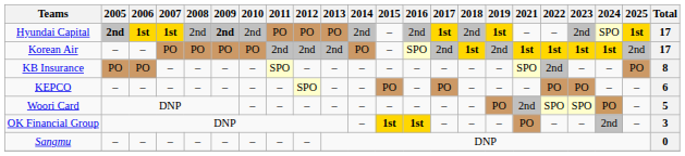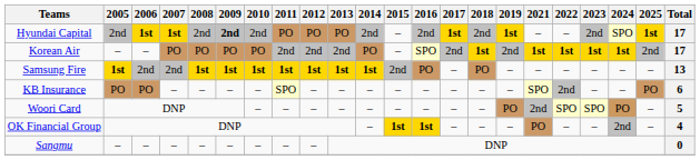 <table class="wikitable" style="text-align:center; font-size:90%">
 <tr>
 <th>Teams</th>
 <th>2005</th>
 <th>2006</th>
 <th>2007</th>
 <th>2008</th>
 <th>2009</th>
 <th>2010</th>
 <th>2011</th>
 <th>2012</th>
 <th>2013</th>
 <th>2014</th>
 <th>2015</th>
 <th>2016</th>
 <th>2017</th>
 <th>2018</th>
 <th>2019</th>
 <th>2021</th>
 <th>2022</th>
 <th>2023</th>
 <th>2024</th>
 <th>2025</th>
 <th>Total</th>
 </tr>
 <tr>
 <td><a href='#'>Hyundai Capital</a></td>
-<td bgcolor="silver"><strong>2nd</strong></td>
+<td bgcolor="silver">2nd</td>
 <td bgcolor="gold"><strong>1st</strong></td>
 <td bgcolor="gold"><strong>1st</strong></td>
 <td bgcolor="silver">2nd</td>
 <td bgcolor="silver"><strong>2nd</strong></td>
 <td bgcolor="silver">2nd</td>
 <td bgcolor="#cc9966">PO</td>
 <td bgcolor="#cc9966">PO</td>
 <td bgcolor="#cc9966">PO</td>
 <td bgcolor="silver">2nd</td>
 <td>–</td>
 <td bgcolor="silver">2nd</td>
 <td bgcolor="gold"><strong>1st</strong></td>
 <td bgcolor="silver">2nd</td>
 <td bgcolor="gold"><strong>1st</strong></td>
 <td>–</td>
 <td –>–</td>
 <td bgcolor="silver">2nd</td>
 <td bgcolor="#ffffcc">SPO</td>
 <td bgcolor="gold"><strong>1st</strong></td>
 <th>17</th>
 </tr>
 <tr>
 <td><a href='#'>Korean Air</a></td>
 <td>–</td>
 <td>–</td>
 <td bgcolor="#cc9966">PO</td>
 <td bgcolor="#cc9966">PO</td>
 <td bgcolor="#cc9966">PO</td>
 <td bgcolor="#cc9966">PO</td>
 <td bgcolor="silver">2nd</td>
 <td bgcolor="silver">2nd</td>
 <td bgcolor="silver">2nd</td>
 <td bgcolor="#cc9966">PO</td>
 <td>–</td>
 <td bgcolor="#ffffcc">SPO</td>
 <td bgcolor="silver">2nd</td>
 <td bgcolor="gold"><strong>1st</strong></td>
 <td bgcolor="silver">2nd</td>
 <td bgcolor="gold"><strong>1st</strong></td>
 <td bgcolor="gold"><strong>1st</strong></td>
 <td bgcolor="gold"><strong>1st</strong></td>
 <td bgcolor="gold"><strong>1st</strong></td>
 <td bgcolor="silver">2nd</td>
 <th>17</th>
 </tr>
 <tr>
+<td><a href='#'>Samsung Fire</a></td>
+<td bgcolor="gold"><strong>1st</strong></td>
+<td bgcolor="silver">2nd</td>
+<td bgcolor="silver">2nd</td>
+<td bgcolor="gold"><strong>1st</strong></td>
+<td bgcolor="gold"><strong>1st</strong></td>
+<td bgcolor="gold"><strong>1st</strong></td>
+<td bgcolor="gold"><strong>1st</strong></td>
+<td bgcolor="gold"><strong>1st</strong></td>
+<td bgcolor="gold"><strong>1st</strong></td>
+<td bgcolor="gold"><strong>1st</strong></td>
+<td bgcolor="silver">2nd</td>
+<td bgcolor="#cc9966">PO</td>
+<td>–</td>
+<td bgcolor="#cc9966">PO</td>
+<td>–</td>
+<td>–</td>
+<td>–</td>
+<td>–</td>
+<td>–</td>
+<td>–</td>
+<th>13</th>
+</tr>
+<tr>
 <td><a href='#'>KB Insurance</a></td>
 <td bgcolor="#cc9966">PO</td>
 <td bgcolor="#cc9966">PO</td>
 <td>–</td>
 <td>–</td>
 <td>–</td>
 <td>–</td>
 <td bgcolor="#ffffcc">SPO</td>
 <td>–</td>
 <td>–</td>
 <td>–</td>
 <td>–</td>
 <td>–</td>
 <td>–</td>
 <td>–</td>
 <td>–</td>
 <td bgcolor="#ffffcc">SPO</td>
 <td bgcolor="silver">2nd</td>
 <td>–</td>
 <td>–</td>
 <td bgcolor="#cc9966">PO</td>
-<th>8</th>
-</tr>
-<tr>
-<td><a href='#'>KEPCO</a></td>
-<td>–</td>
-<td>–</td>
-<td>–</td>
-<td>–</td>
-<td>–</td>
-<td>–</td>
-<td>–</td>
-<td bgcolor="#ffffcc">SPO</td>
-<td>–</td>
-<td>–</td>
-<td bgcolor="#cc9966">PO</td>
-<td>–</td>
-<td bgcolor="#cc9966">PO</td>
-<td>–</td>
-<td>–</td>
-<td>–</td>
-<td bgcolor="#cc9966">PO</td>
-<td bgcolor="#cc9966">PO</td>
-<td>–</td>
-<td>–</td>
 <th>6</th>
 </tr>
 <tr>
 <td><a href='#'>Woori Card</a></td>
 <td colspan=5>DNP</td>
 <td>–</td>
 <td>–</td>
 <td>–</td>
 <td>–</td>
 <td>–</td>
 <td>–</td>
 <td>–</td>
 <td>–</td>
 <td>–</td>
 <td bgcolor="#cc9966">PO</td>
 <td bgcolor="silver">2nd</td>
 <td bgcolor="#ffffcc">SPO</td>
 <td bgcolor="#ffffcc">SPO</td>
 <td bgcolor="#cc996#">PO</td>
 <td>–</td>
 <th>5</th>
 </tr>
 <tr>
 <td><a href='#'>OK Financial Group</a></td>
 <td colspan=9>DNP</td>
 <td>–</td>
 <td bgcolor="gold"><strong>1st</strong></td>
 <td bgcolor="gold"><strong>1st</strong></td>
 <td>–</td>
 <td>–</td>
 <td>–</td>
 <td bgcolor="#cc9966">PO</td>
 <td>–</td>
 <td>–</td>
 <td bgcolor="silver">2nd</td>
 <td>–</td>
-<th>3</th>
+<th>4</th>
 </tr>
 <tr>
 <td><em><a href='#'>Sangmu</a></em></td>
 <td>–</td>
 <td>–</td>
 <td>–</td>
 <td>–</td>
 <td>–</td>
 <td>–</td>
 <td>–</td>
 <td>–</td>
 <td colspan="12">DNP</td>
 <th>0</th>
 </tr>
 <tr>
 </tr>
 </table>
